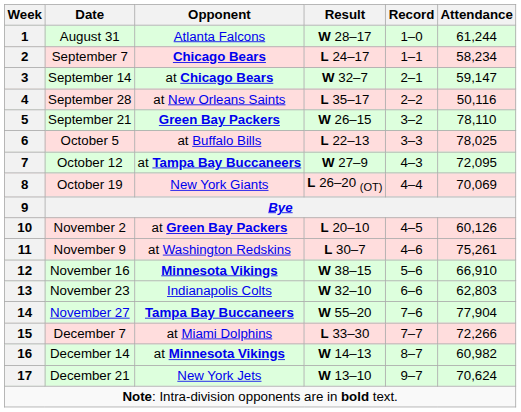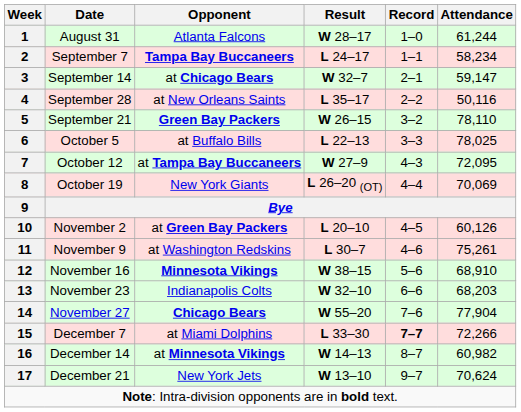 <table class="wikitable"  style="text-align: center;">
 <tr>
 <th>Week</th>
 <th>Date</th>
 <th>Opponent</th>
 <th>Result</th>
 <th>Record</th>
 <th>Attendance</th>
 </tr>
 <tr style="background: #ddffdd;">
 <th>1</th>
 <td>August 31</td>
 <td><a href='#'>Atlanta Falcons</a></td>
 <td><strong>W</strong> 28–17</td>
 <td>1–0</td>
 <td>61,244</td>
 </tr>
 <tr style="background: #ffdddd;">
 <th>2</th>
 <td>September 7</td>
-<td><strong><a href='#'>Chicago Bears</a></strong></td>
+<td><strong><a href='#'>Tampa Bay Buccaneers</a></strong></td>
 <td><strong>L</strong> 24–17</td>
 <td>1–1</td>
 <td>58,234</td>
 </tr>
 <tr style="background: #ddffdd;">
 <th>3</th>
 <td>September 14</td>
 <td>at <strong><a href='#'>Chicago Bears</a></strong></td>
 <td><strong>W</strong> 32–7</td>
 <td>2–1</td>
 <td>59,147</td>
 </tr>
 <tr style="background: #ffdddd;">
 <th>4</th>
 <td>September 28</td>
 <td>at <a href='#'>New Orleans Saints</a></td>
 <td><strong>L</strong> 35–17</td>
 <td>2–2</td>
 <td>50,116</td>
 </tr>
 <tr style="background: #ddffdd;">
 <th>5</th>
 <td>September 21</td>
 <td><strong><a href='#'>Green Bay Packers</a></strong></td>
 <td><strong>W</strong> 26–15</td>
 <td>3–2</td>
 <td>78,110</td>
 </tr>
 <tr style="background: #ffdddd;">
 <th>6</th>
 <td>October 5</td>
 <td>at <a href='#'>Buffalo Bills</a></td>
 <td><strong>L</strong> 22–13</td>
 <td>3–3</td>
 <td>78,025</td>
 </tr>
 <tr style="background: #ddffdd;">
 <th>7</th>
 <td>October 12</td>
 <td>at <strong><a href='#'>Tampa Bay Buccaneers</a></strong></td>
 <td><strong>W</strong> 27–9</td>
 <td>4–3</td>
 <td>72,095</td>
 </tr>
 <tr style="background: #ffdddd;">
 <th>8</th>
 <td>October 19</td>
 <td><a href='#'>New York Giants</a></td>
 <td><strong>L</strong> 26–20 <sub>(OT)</sub></td>
 <td>4–4</td>
 <td>70,069</td>
 </tr>
 <tr>
 <th>9</th>
 <th colspan="5"><em><a href='#'>Bye</a></em></th>
 </tr>
 <tr style="background: #ffdddd;">
 <th>10</th>
 <td>November 2</td>
 <td>at <strong><a href='#'>Green Bay Packers</a></strong></td>
 <td><strong>L</strong> 20–10</td>
 <td>4–5</td>
 <td>60,126</td>
 </tr>
 <tr style="background: #ffdddd;">
 <th>11</th>
 <td>November 9</td>
 <td>at <a href='#'>Washington Redskins</a></td>
 <td><strong>L</strong> 30–7</td>
 <td>4–6</td>
 <td>75,261</td>
 </tr>
 <tr bgcolor="#ddffdd">
 <th>12</th>
 <td>November 16</td>
 <td><strong><a href='#'>Minnesota Vikings</a></strong></td>
 <td><strong>W</strong> 38–15</td>
 <td>5–6</td>
-<td>66,910</td>
+<td>68,910</td>
 </tr>
 <tr style="background: #ddffdd;">
 <th>13</th>
 <td>November 23</td>
 <td><a href='#'>Indianapolis Colts</a></td>
 <td><strong>W</strong> 32–10</td>
 <td>6–6</td>
-<td>62,803</td>
+<td>68,203</td>
 </tr>
 <tr style="background: #ddffdd;”">
 <th>14</th>
 <td><a href='#'>November 27</a></td>
-<td><strong><a href='#'>Tampa Bay Buccaneers</a></strong></td>
+<td><strong><a href='#'>Chicago Bears</a></strong></td>
 <td><strong>W</strong> 55–20</td>
 <td>7–6</td>
 <td>77,904</td>
 </tr>
 <tr style="background: #ffdddd;">
 <th>15</th>
 <td>December 7</td>
 <td>at <a href='#'>Miami Dolphins</a></td>
 <td><strong>L</strong> 33–30</td>
-<td>7–7</td>
+<td><strong>7–7</strong></td>
 <td>72,266</td>
 </tr>
 <tr style="background: #ddffdd;">
 <th>16</th>
 <td>December 14</td>
 <td>at <strong><a href='#'>Minnesota Vikings</a></strong></td>
 <td><strong>W</strong> 14–13</td>
 <td>8–7</td>
 <td>60,982</td>
 </tr>
 <tr style="background: #ddffdd;">
 <th>17</th>
 <td>December 21</td>
 <td><a href='#'>New York Jets</a></td>
 <td><strong>W</strong> 13–10</td>
 <td>9–7</td>
 <td>70,624</td>
 </tr>
 <tr>
 <td colspan="6"><strong>Note</strong>: Intra-division opponents are in <strong>bold</strong> text.</td>
 </tr>
 </table>
